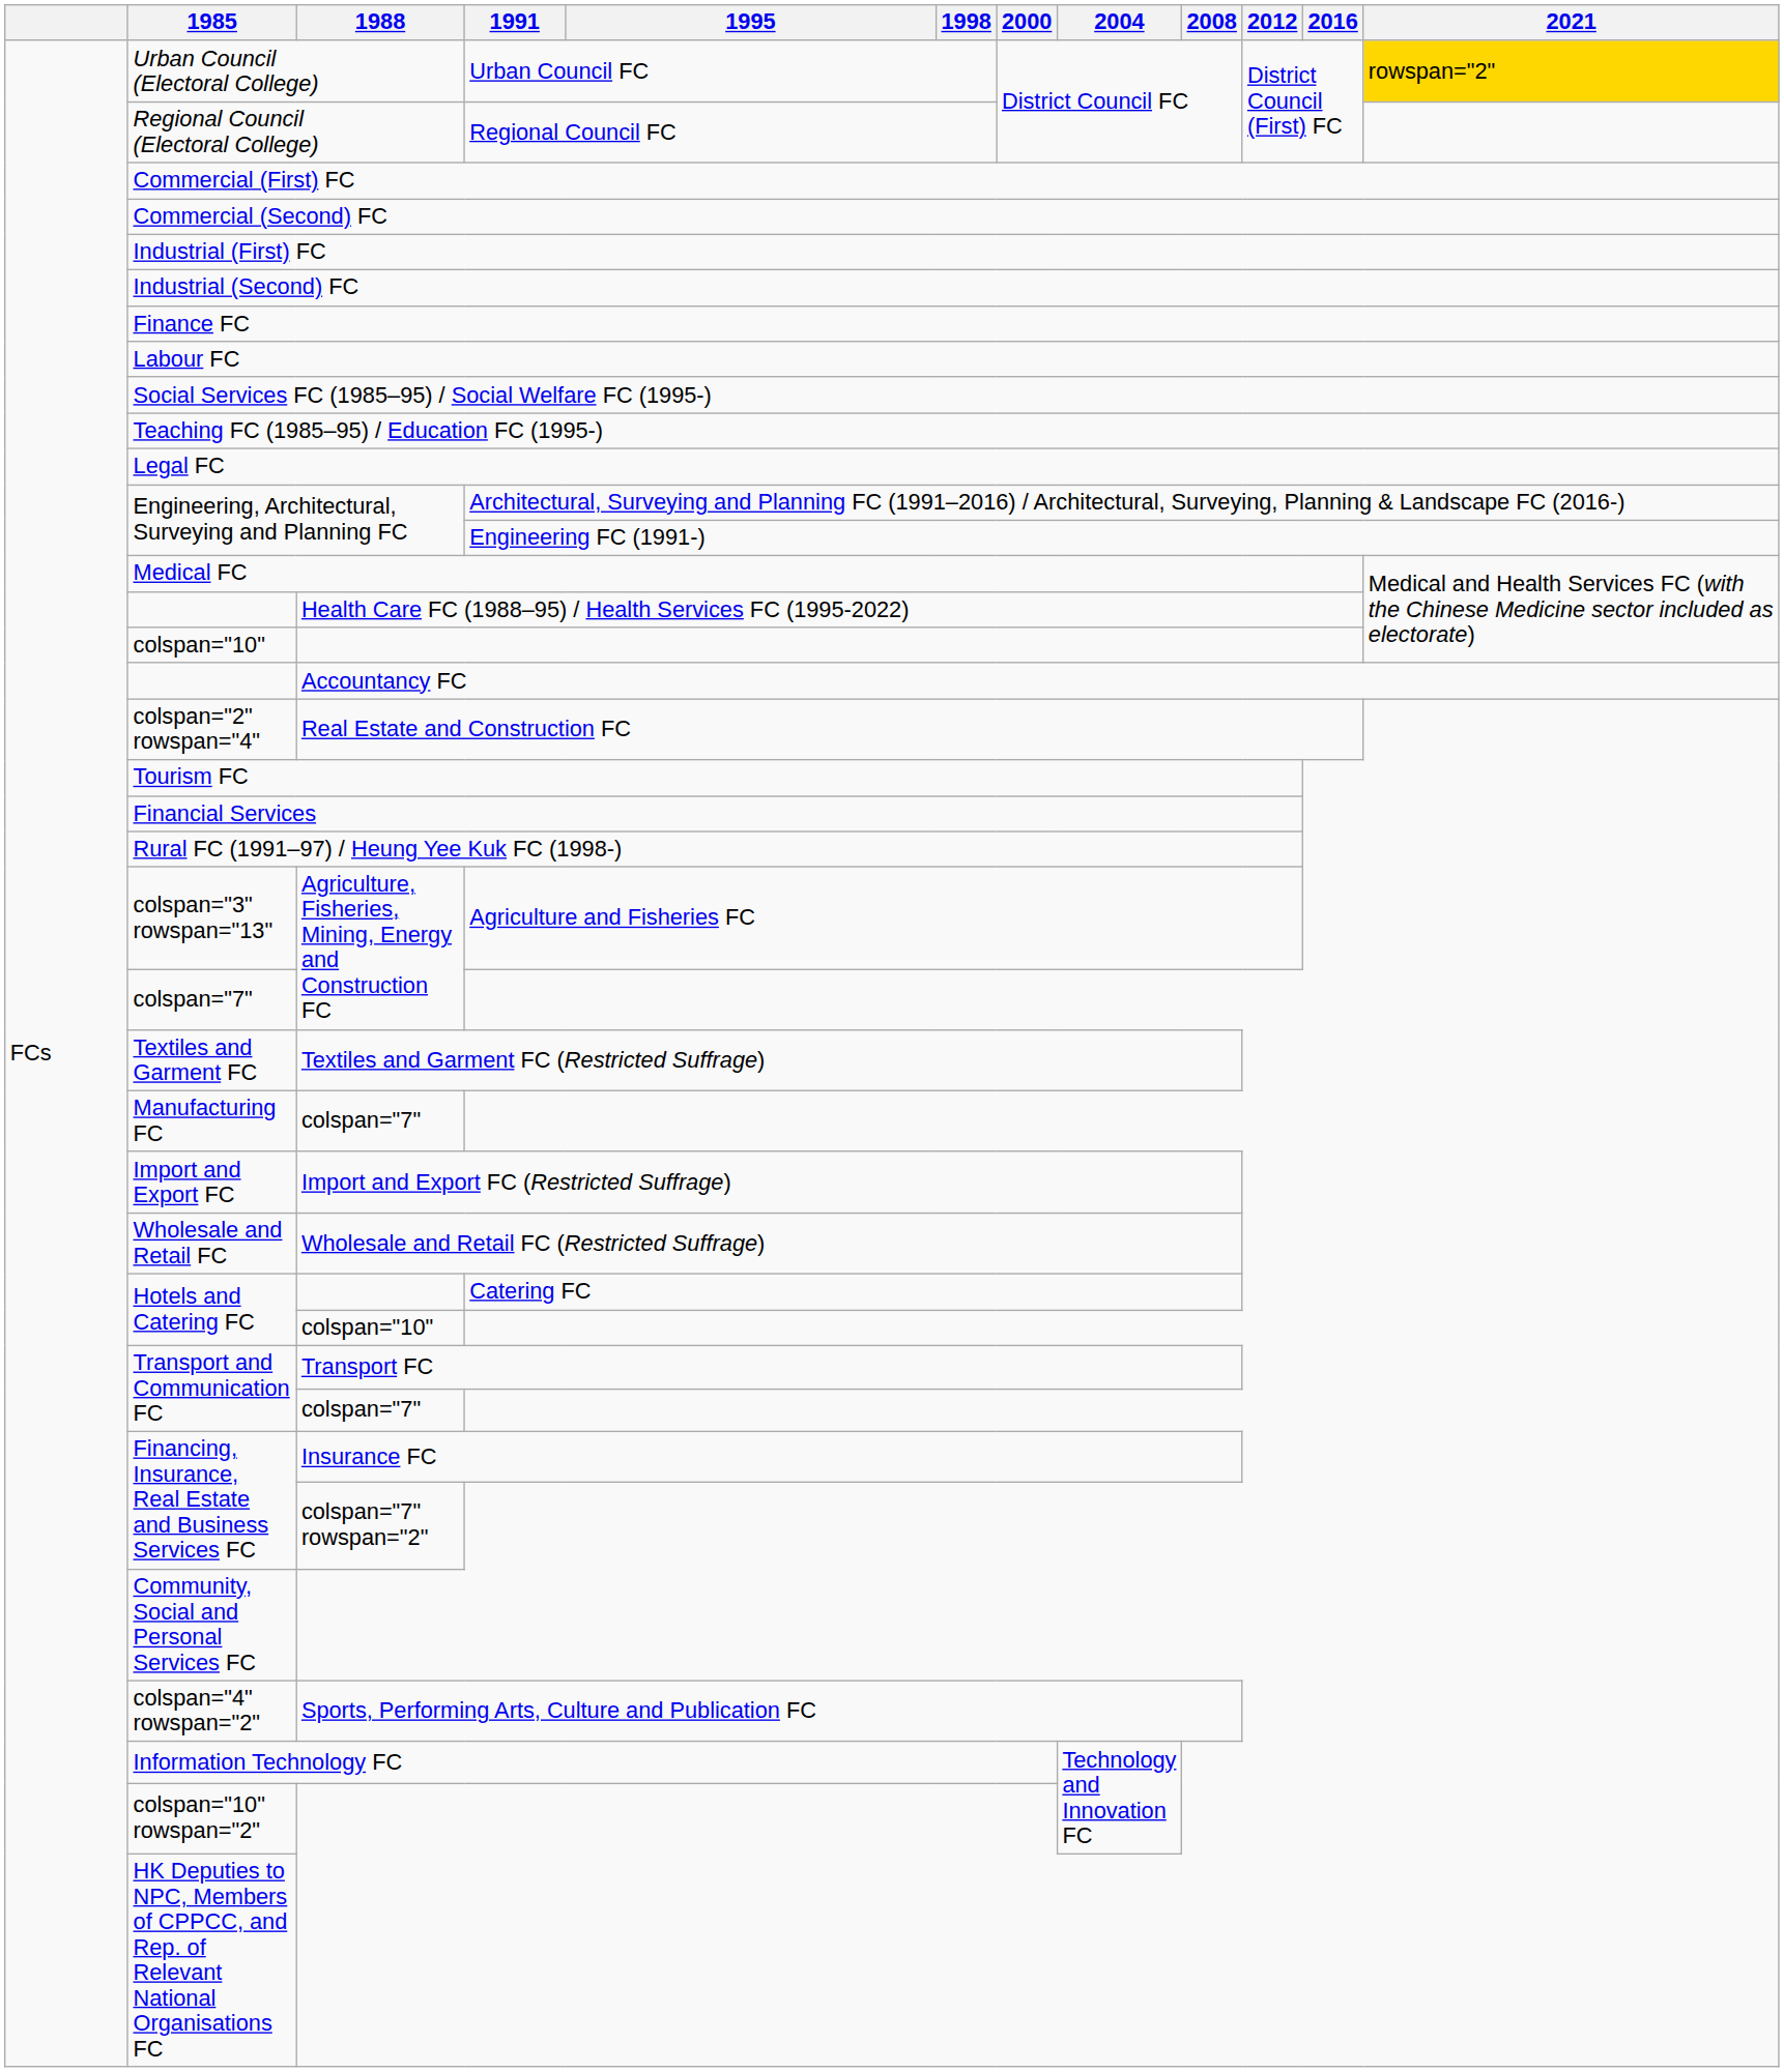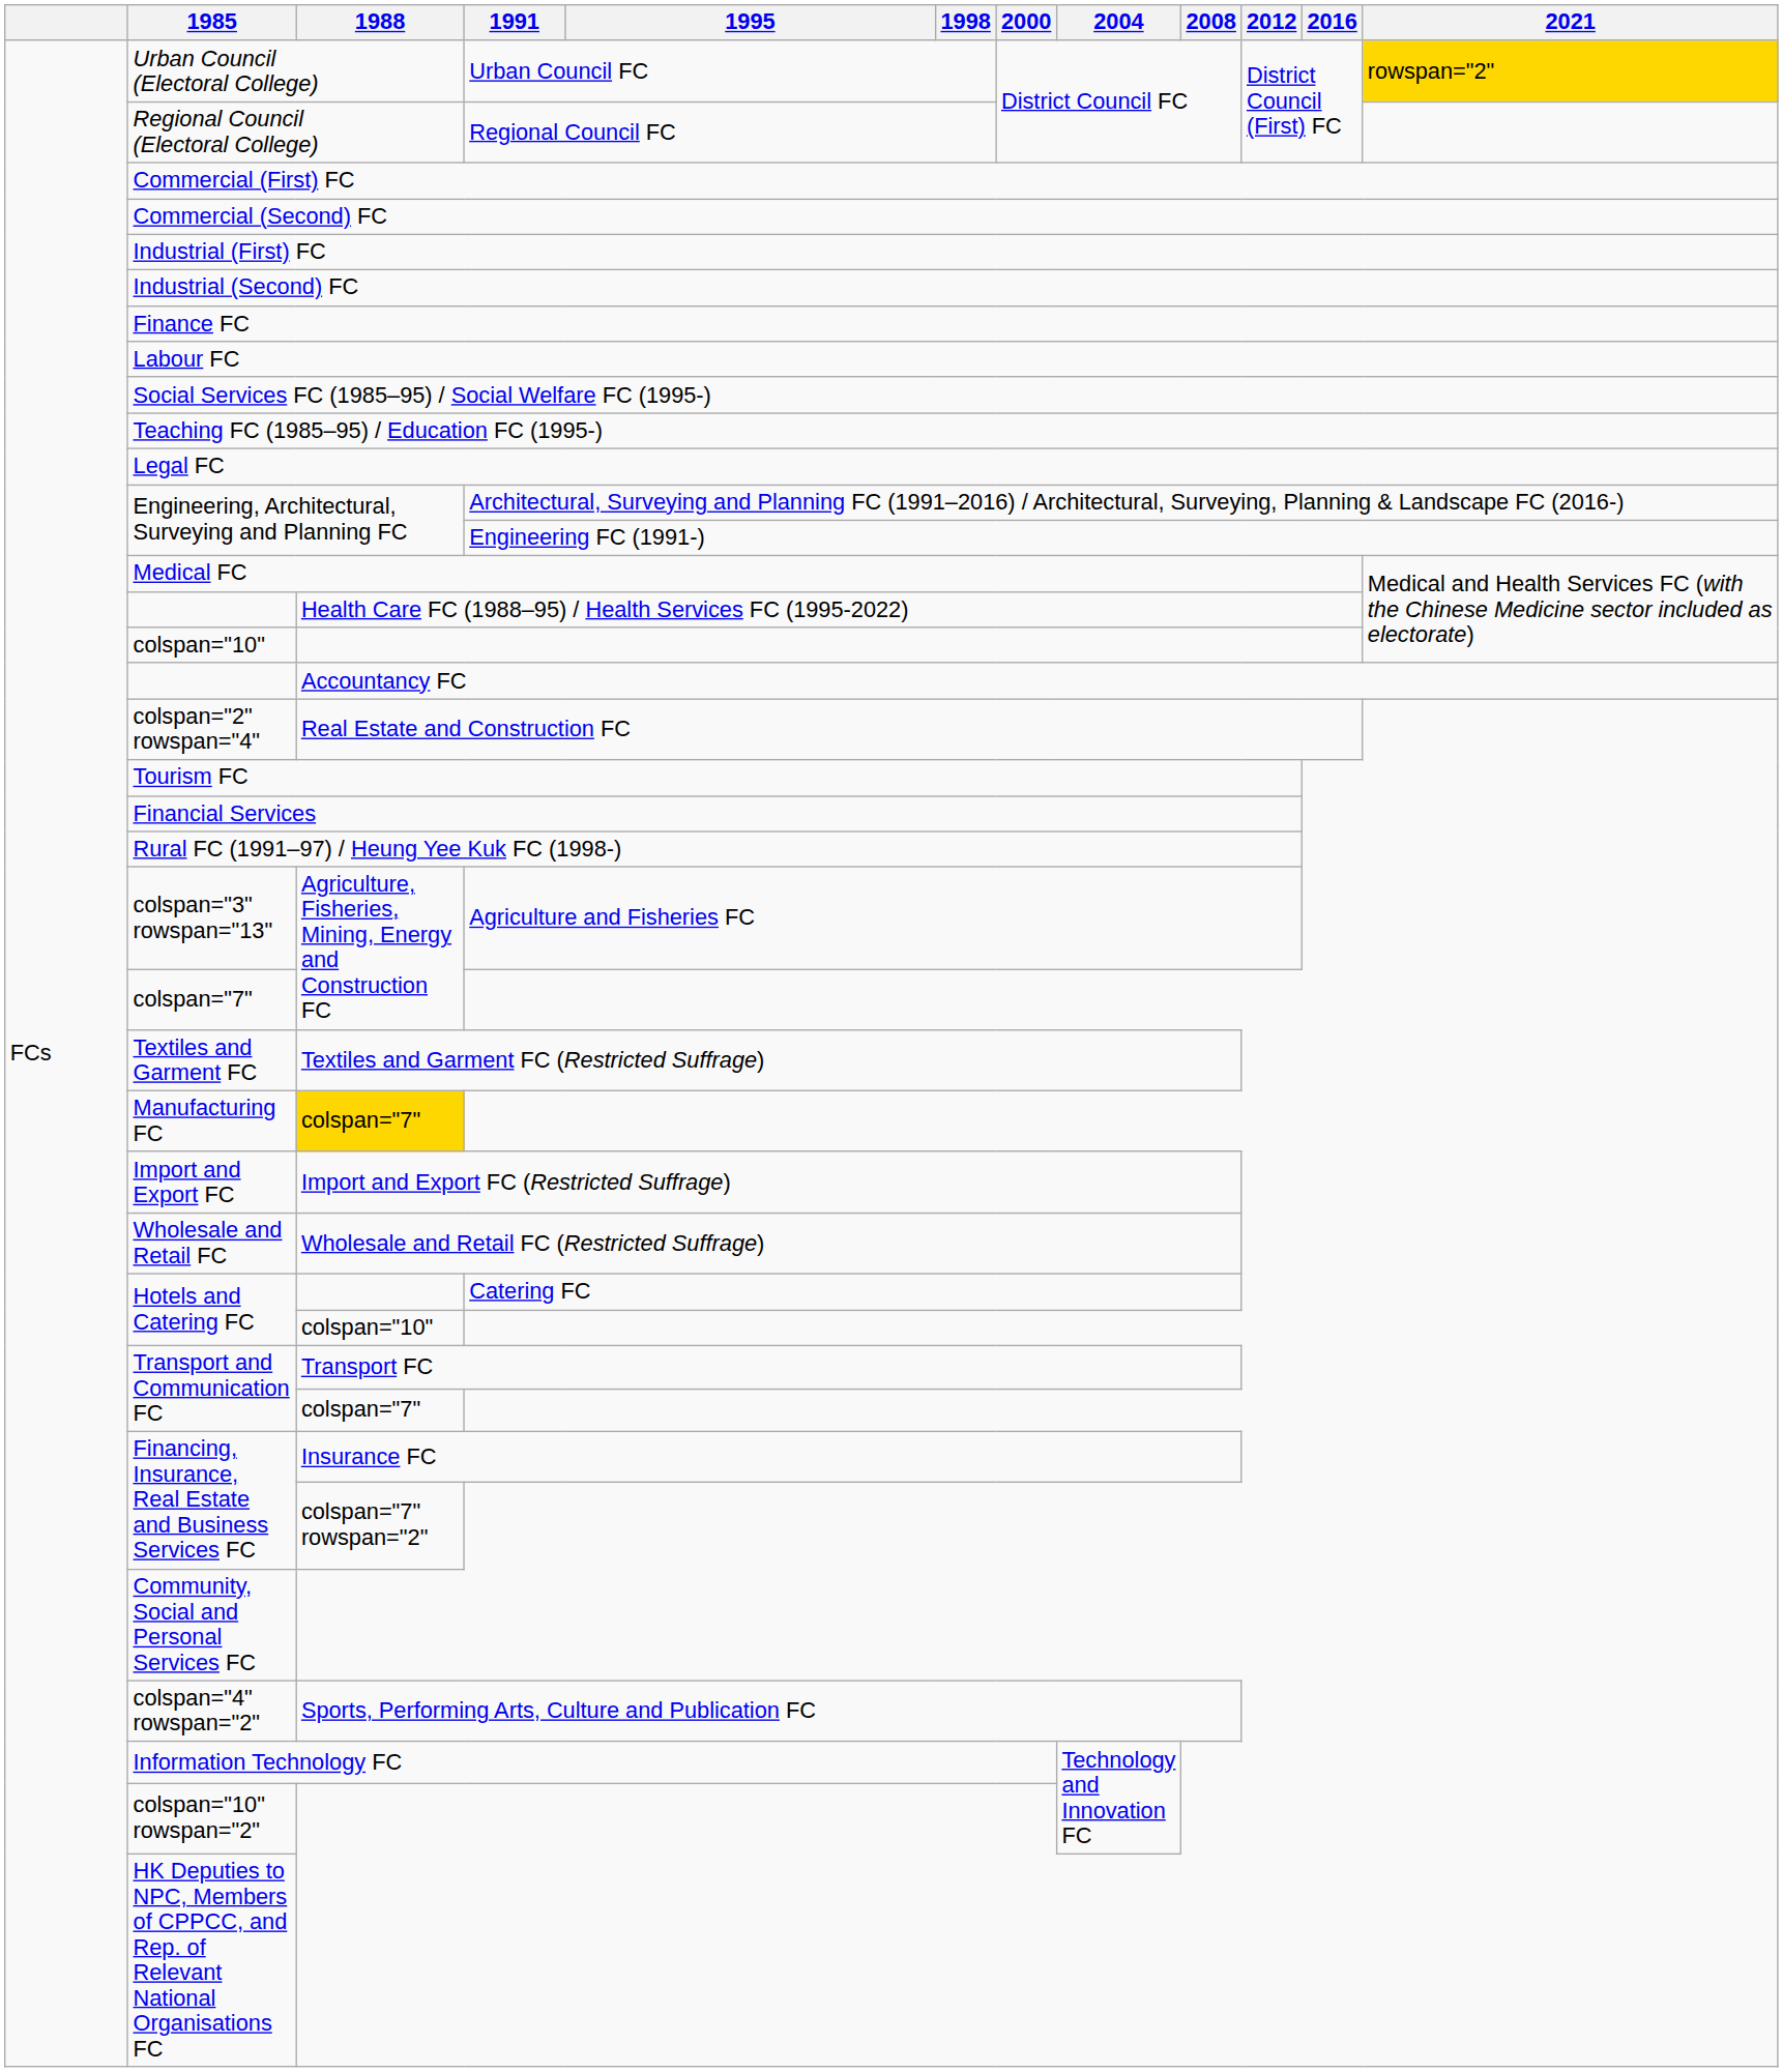 <table class="wikitable mw-collapsible mw-collapsed">
 <tr>
 <th style=width:5em></th>
 <th style=width:7em><a href='#'>1985</a></th>
 <th style=width:7em><a href='#'>1988</a></th>
 <th style=width:4em><a href='#'>1991</a></th>
 <th style=width:16em><a href='#'>1995</a></th>
 <th style=width:2em><a href='#'>1998</a></th>
 <th style=width:2em><a href='#'>2000</a></th>
 <th style=width:2em><a href='#'>2004</a></th>
 <th style=width:2em><a href='#'>2008</a></th>
 <th style=width:2em><a href='#'>2012</a></th>
 <th style=width:2em><a href='#'>2016</a></th>
 <th style=width:18em><a href='#'>2021</a></th>
 </tr>
 <tr>
 <td rowspan="38">FCs</td>
 <td colspan="2"><em>Urban Council</em><br><em>(Electoral College)</em></td>
 <td colspan="3"><a href='#'>Urban Council</a> FC</td>
 <td colspan="3" rowspan="2"><a href='#'>District Council</a> FC</td>
 <td colspan="2" rowspan="2"><a href='#'>District Council (First)</a> FC</td>
 <td style="background: gold;">rowspan="2" </td>
 </tr>
 <tr>
 <td colspan="2"><em>Regional Council</em><br><em>(Electoral College)</em></td>
 <td colspan="3"><a href='#'>Regional Council</a> FC</td>
 </tr>
 <tr>
 <td colspan="11"><a href='#'>Commercial (First)</a> FC</td>
 </tr>
 <tr>
 <td colspan="11"><a href='#'>Commercial (Second)</a> FC</td>
 </tr>
 <tr>
 <td colspan="11"><a href='#'>Industrial (First)</a> FC</td>
 </tr>
 <tr>
 <td colspan="11"><a href='#'>Industrial (Second)</a> FC</td>
 </tr>
 <tr>
 <td colspan="11"><a href='#'>Finance</a> FC</td>
 </tr>
 <tr>
 <td colspan="11"><a href='#'>Labour</a> FC</td>
 </tr>
 <tr>
 <td colspan="11"><a href='#'>Social Services</a> FC (1985–95) / <a href='#'>Social Welfare</a> FC (1995-)</td>
 </tr>
 <tr>
 <td colspan="11"><a href='#'>Teaching</a> FC (1985–95) / <a href='#'>Education</a> FC (1995-)</td>
 </tr>
 <tr>
 <td colspan="11"><a href='#'>Legal</a> FC</td>
 </tr>
 <tr>
 <td colspan="2" rowspan="2">Engineering, Architectural,   Surveying and     Planning FC</td>
 <td colspan="9"><a href='#'>Architectural, Surveying and Planning</a> FC (1991–2016) / Architectural, Surveying, Planning & Landscape FC (2016-)</td>
 </tr>
 <tr>
 <td colspan="9"><a href='#'>Engineering</a> FC (1991-)</td>
 </tr>
 <tr>
 <td colspan="10"><a href='#'>Medical</a> FC</td>
 <td rowspan="3">Medical and Health    Services FC (<em>with the Chinese Medicine sector included as electorate</em>)</td>
 </tr>
 <tr>
 <td></td>
 <td colspan="9"><a href='#'>Health Care</a> FC (1988–95) / <a href='#'>Health Services</a> FC (1995-2022)</td>
 </tr>
 <tr>
 <td>colspan="10" </td>
 </tr>
 <tr>
 <td></td>
 <td colspan="10"><a href='#'>Accountancy</a> FC</td>
 </tr>
 <tr>
 <td>colspan="2" rowspan="4" </td>
 <td colspan="9"><a href='#'>Real Estate and Construction</a> FC</td>
 </tr>
 <tr>
 <td colspan="9"><a href='#'>Tourism</a> FC</td>
 </tr>
 <tr>
 <td colspan="9"><a href='#'>Financial Services</a></td>
 </tr>
 <tr>
 <td colspan="9"><a href='#'>Rural</a> FC (1991–97) / <a href='#'>Heung Yee Kuk</a> FC (1998-)</td>
 </tr>
 <tr>
 <td>colspan="3" rowspan="13" </td>
 <td rowspan="2"><a href='#'>Agriculture, Fisheries,    Mining, Energy and Construction</a> FC</td>
 <td colspan="7"><a href='#'>Agriculture and Fisheries</a> FC</td>
 </tr>
 <tr>
 <td>colspan="7" </td>
 </tr>
 <tr>
 <td><a href='#'>Textiles and Garment</a> FC</td>
 <td colspan="7"><a href='#'>Textiles and Garment</a> FC (<em>Restricted Suffrage</em>)</td>
 </tr>
 <tr>
 <td><a href='#'>Manufacturing</a> FC</td>
-<td>colspan="7" </td>
+<td style="background: gold;">colspan="7" </td>
 </tr>
 <tr>
 <td><a href='#'>Import and Export</a> FC</td>
 <td colspan="7"><a href='#'>Import and Export</a> FC (<em>Restricted Suffrage</em>)</td>
 </tr>
 <tr>
 <td><a href='#'>Wholesale and Retail</a> FC</td>
 <td colspan="7"><a href='#'>Wholesale and Retail</a> FC (<em>Restricted Suffrage</em>)</td>
 </tr>
 <tr>
 <td rowspan="2"><a href='#'>Hotels and Catering</a> FC</td>
 <td></td>
 <td colspan="6"><a href='#'>Catering</a> FC</td>
 </tr>
 <tr>
 <td>colspan="10" </td>
 </tr>
 <tr>
 <td rowspan="2"><a href='#'>Transport and Communication</a> FC</td>
 <td colspan="7"><a href='#'>Transport</a> FC</td>
 </tr>
 <tr>
 <td>colspan="7" </td>
 </tr>
 <tr>
 <td rowspan="2"><a href='#'>Financing, Insurance,       Real Estate and        Business Services</a> FC</td>
 <td colspan="7"><a href='#'>Insurance</a> FC</td>
 </tr>
 <tr>
 <td>colspan="7" rowspan="2" </td>
 </tr>
 <tr>
 <td><a href='#'>Community, Social and Personal Services</a> FC</td>
 </tr>
 <tr>
 <td>colspan="4" rowspan="2" </td>
 <td colspan="7"><a href='#'>Sports, Performing Arts, Culture and Publication</a> FC</td>
 </tr>
 <tr>
 <td colspan="6"><a href='#'>Information Technology</a> FC</td>
 <td rowspan="2"><a href='#'>Technology and       Innovation</a> FC</td>
 </tr>
 <tr>
 <td>colspan="10" rowspan="2" </td>
 </tr>
 <tr>
 <td><a href='#'>HK Deputies to NPC, Members of CPPCC, and      Rep. of Relevant National Organisations</a> FC</td>
 </tr>
 </table>
